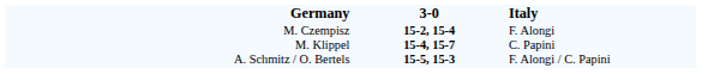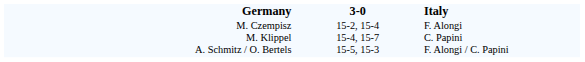 <table style="width: 60%; background:#F5FAFF;" cellspacing="0">
 <tr>
 <td align=center rowspan=3 width=20%></td>
 </tr>
 <tr>
 <td width=24% align=right><strong>Germany</strong></td>
 <td align=center width=20%><strong>3-0</strong></td>
 <td width=24%><strong>Italy</strong></td>
 </tr>
 <tr style=font-size:85%>
 <td align=right valign=top>M. Czempisz<br>M. Klippel<br>A. Schmitz / O. Bertels</td>
-<td align=center><strong>15-2, 15-4<br>15-4, 15-7<br>15-5, 15-3</strong></td>
+<td align=center>15-2, 15-4<br>15-4, 15-7<br>15-5, 15-3</td>
 <td valign=top>F. Alongi<br>C. Papini<br>F. Alongi / C. Papini</td>
 </tr>
 </table>
